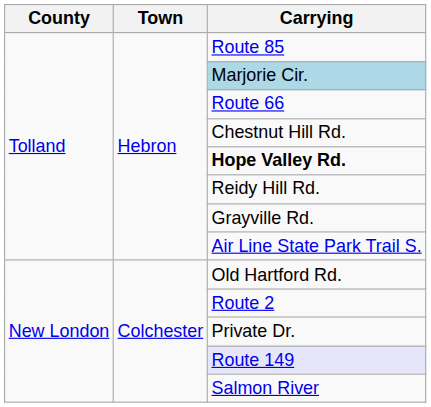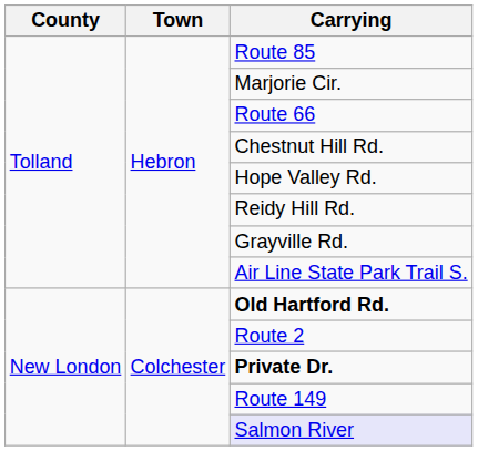 <table class="wikitable">
 <tr>
 <th>County</th>
 <th>Town</th>
 <th>Carrying</th>
 </tr>
 <tr>
 <td rowspan="8"><a href='#'>Tolland</a></td>
 <td rowspan="8"><a href='#'>Hebron</a></td>
 <td> <a href='#'>Route 85</a></td>
 </tr>
 <tr>
-<td style="background: lightblue;">Marjorie Cir.</td>
+<td>Marjorie Cir.</td>
 </tr>
 <tr>
 <td> <a href='#'>Route 66</a></td>
 </tr>
 <tr>
 <td>Chestnut Hill Rd.</td>
 </tr>
 <tr>
-<td><strong>Hope Valley Rd.</strong></td>
+<td>Hope Valley Rd.</td>
 </tr>
 <tr>
 <td>Reidy Hill Rd.</td>
 </tr>
 <tr>
 <td>Grayville Rd.</td>
 </tr>
 <tr>
 <td><a href='#'>Air Line State Park Trail S.</a></td>
 </tr>
 <tr>
 <td rowspan="5"><a href='#'>New London</a></td>
 <td rowspan="5"><a href='#'>Colchester</a></td>
-<td>Old Hartford Rd.</td>
+<td><strong>Old Hartford Rd.</strong></td>
 </tr>
 <tr>
 <td> <a href='#'>Route 2</a></td>
 </tr>
 <tr>
-<td>Private Dr.</td>
+<td><strong>Private Dr.</strong></td>
 </tr>
 <tr>
-<td style="background: lavender;"> <a href='#'>Route 149</a></td>
+<td> <a href='#'>Route 149</a></td>
 </tr>
 <tr>
-<td><a href='#'>Salmon River</a></td>
+<td style="background: lavender;"><a href='#'>Salmon River</a></td>
 </tr>
 </table>
